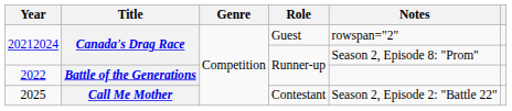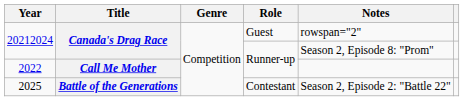 <table class="wikitable plainrowheaders">
 <tr>
 <th scope="col" style="width:03em;">Year</th>
 <th scope="col">Title</th>
 <th scope="col">Genre</th>
 <th scope="col">Role</th>
 <th scope="col">Notes</th>
 <th></th>
 </tr>
 <tr>
 <td rowspan="2" style="text-align:center"><a href='#'>2021</a><a href='#'>2024</a></td>
 <th scope="row" rowspan="2"><em><a href='#'>Canada's Drag Race</a></em></th>
 <td rowspan="4">Competition</td>
 <td>Guest</td>
 <td>rowspan="2"  </td>
 <td style="text-align:center"></td>
 </tr>
 <tr>
 <td rowspan="2">Runner-up</td>
 <td>Season 2, Episode 8: "Prom"</td>
 <td style="text-align:center"></td>
 </tr>
 <tr>
 <td style="text-align:center"><a href='#'>2022</a></td>
-<th scope="row"><em><a href='#'>Battle of the Generations</a></em></th>
+<th scope="row"><em><a href='#'>Call Me Mother</a></em></th>
 <td style="text-align:center"></td>
 </tr>
 <tr>
 <td style="text-align:center">2025</td>
-<th scope="row"><em><a href='#'>Call Me Mother</a></em></th>
+<th scope="row"><em><a href='#'>Battle of the Generations</a></em></th>
 <td>Contestant</td>
 <td>Season 2, Episode 2: "Battle 22"</td>
 <td style="text-align:center"></td>
 </tr>
 </table>
